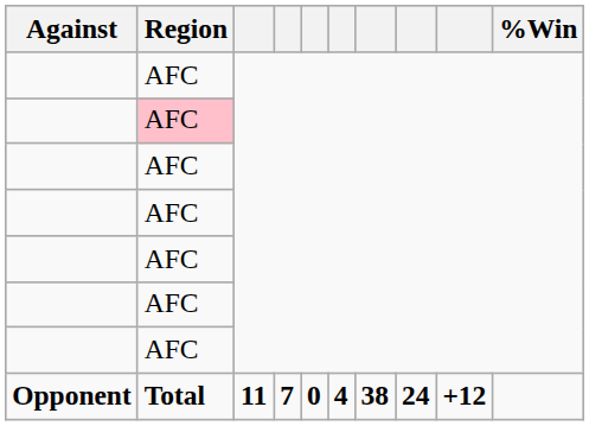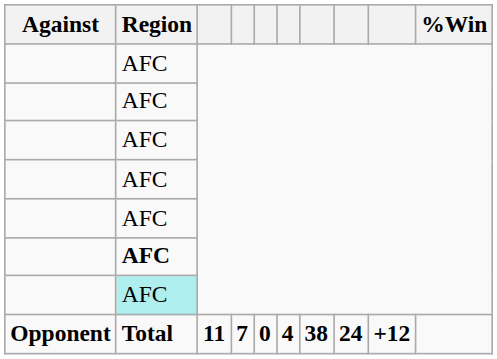 <table class="wikitable sortable" style="text-align: left;font-size:90%;">
 <tr>
 <th>Against</th>
 <th>Region</th>
 <th></th>
 <th></th>
 <th></th>
 <th></th>
 <th></th>
 <th></th>
 <th></th>
 <th>%Win</th>
-</tr>
-<tr>
-<td></td>
-<td>AFC<br></td>
-</tr>
-<tr>
-<td></td>
-<td style="background: pink;">AFC<br></td>
 </tr>
 <tr>
 <td></td>
 <td>AFC<br></td>
 </tr>
 <tr>
 <td></td>
 <td>AFC<br></td>
 </tr>
 <tr>
 <td></td>
 <td>AFC<br></td>
 </tr>
 <tr>
 <td></td>
 <td>AFC<br></td>
 </tr>
 <tr>
 <td></td>
 <td>AFC<br></td>
 </tr>
+<tr>
+<td></td>
+<td><strong>AFC<br></strong></td>
+</tr>
+<tr>
+<td></td>
+<td style="background: paleturquoise;">AFC<br></td>
+</tr>
 <tr class="sortbottom">
 <td align="left"><strong>Opponent</strong></td>
 <td><strong>Total</strong></td>
 <td><strong>11</strong></td>
 <td><strong>7</strong></td>
 <td><strong>0</strong></td>
 <td><strong>4</strong></td>
 <td><strong>38</strong></td>
 <td><strong>24</strong></td>
 <td><strong>+12</strong></td>
 <td></td>
 </tr>
 </table>
